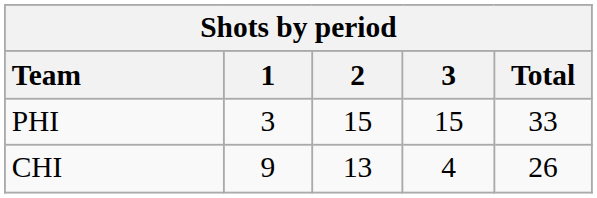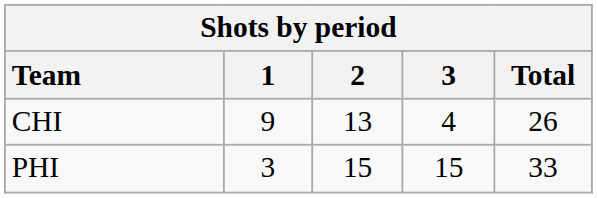 <table class="wikitable" style="width:20em; text-align:right;">
 <tr>
 <th colspan=5>Shots by period</th>
 </tr>
 <tr>
 <th style="width:8em; text-align:left;">Team</th>
 <th style="width:3em;">1</th>
 <th style="width:3em;">2</th>
 <th style="width:3em;">3</th>
 <th style="width:3em;">Total</th>
 </tr>
 <tr style="text-align:center;">
+<td style="text-align:left;">CHI</td>
+<td>9</td>
+<td>13</td>
+<td>4</td>
+<td>26</td>
+</tr>
+<tr style="text-align:center;">
 <td style="text-align:left;">PHI</td>
 <td>3</td>
 <td>15</td>
 <td>15</td>
 <td>33</td>
 </tr>
-<tr style="text-align:center;">
-<td style="text-align:left;">CHI</td>
-<td>9</td>
-<td>13</td>
-<td>4</td>
-<td>26</td>
-</tr>
 </table>
